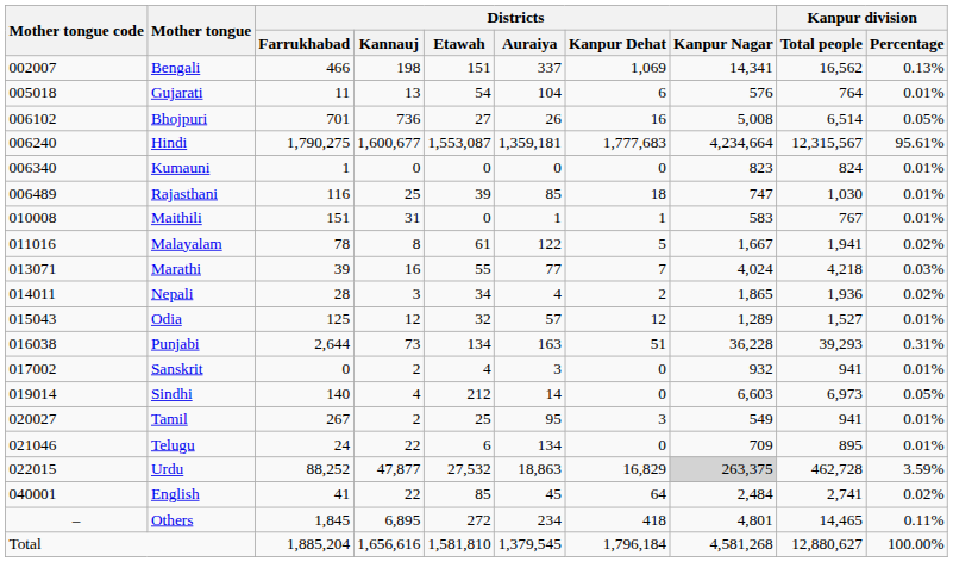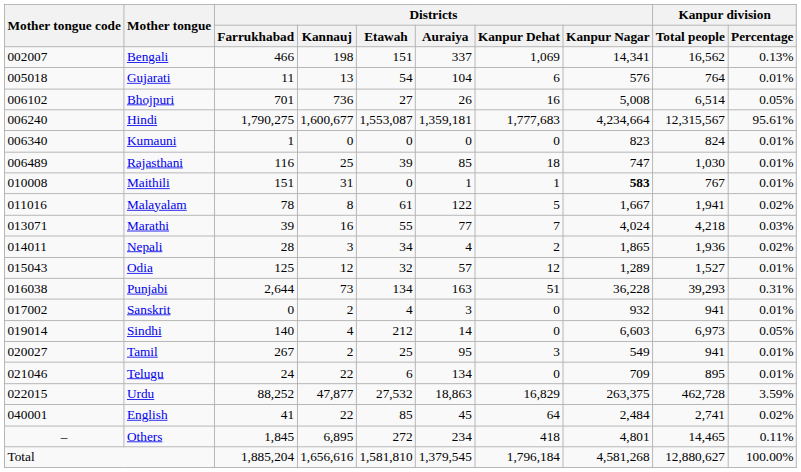 <table class="wikitable sortable" style="text-align: right">
 <tr>
 <th rowspan=2>Mother tongue code</th>
 <th rowspan=2>Mother tongue</th>
 <th colspan=6>Districts</th>
 <th colspan=2>Kanpur division</th>
 </tr>
 <tr>
 <th>Farrukhabad</th>
 <th>Kannauj</th>
 <th>Etawah</th>
 <th>Auraiya</th>
 <th>Kanpur Dehat</th>
 <th>Kanpur Nagar</th>
 <th>Total people</th>
 <th>Percentage</th>
 </tr>
 <tr>
 <td style="text-align: left">002007</td>
 <td style="text-align: left"><a href='#'>Bengali</a></td>
 <td>466</td>
 <td>198</td>
 <td>151</td>
 <td>337</td>
 <td>1,069</td>
 <td>14,341</td>
 <td>16,562</td>
 <td>0.13%</td>
 </tr>
 <tr>
 <td style="text-align: left">005018</td>
 <td style="text-align: left"><a href='#'>Gujarati</a></td>
 <td>11</td>
 <td>13</td>
 <td>54</td>
 <td>104</td>
 <td>6</td>
 <td>576</td>
 <td>764</td>
 <td>0.01%</td>
 </tr>
 <tr>
 <td style="text-align: left">006102</td>
 <td style="text-align: left"><a href='#'>Bhojpuri</a></td>
 <td>701</td>
 <td>736</td>
 <td>27</td>
 <td>26</td>
 <td>16</td>
 <td>5,008</td>
 <td>6,514</td>
 <td>0.05%</td>
 </tr>
 <tr>
 <td style="text-align: left">006240</td>
 <td style="text-align: left"><a href='#'>Hindi</a></td>
 <td>1,790,275</td>
 <td>1,600,677</td>
 <td>1,553,087</td>
 <td>1,359,181</td>
 <td>1,777,683</td>
 <td>4,234,664</td>
 <td>12,315,567</td>
 <td>95.61%</td>
 </tr>
 <tr>
 <td style="text-align: left">006340</td>
 <td style="text-align: left"><a href='#'>Kumauni</a></td>
 <td>1</td>
 <td>0</td>
 <td>0</td>
 <td>0</td>
 <td>0</td>
 <td>823</td>
 <td>824</td>
 <td>0.01%</td>
 </tr>
 <tr>
 <td style="text-align: left">006489</td>
 <td style="text-align: left"><a href='#'>Rajasthani</a></td>
 <td>116</td>
 <td>25</td>
 <td>39</td>
 <td>85</td>
 <td>18</td>
 <td>747</td>
 <td>1,030</td>
 <td>0.01%</td>
 </tr>
 <tr>
 <td style="text-align: left">010008</td>
 <td style="text-align: left"><a href='#'>Maithili</a></td>
 <td>151</td>
 <td>31</td>
 <td>0</td>
 <td>1</td>
 <td>1</td>
-<td>583</td>
+<td><strong>583</strong></td>
 <td>767</td>
 <td>0.01%</td>
 </tr>
 <tr>
 <td style="text-align: left">011016</td>
 <td style="text-align: left"><a href='#'>Malayalam</a></td>
 <td>78</td>
 <td>8</td>
 <td>61</td>
 <td>122</td>
 <td>5</td>
 <td>1,667</td>
 <td>1,941</td>
 <td>0.02%</td>
 </tr>
 <tr>
 <td style="text-align: left">013071</td>
 <td style="text-align: left"><a href='#'>Marathi</a></td>
 <td>39</td>
 <td>16</td>
 <td>55</td>
 <td>77</td>
 <td>7</td>
 <td>4,024</td>
 <td>4,218</td>
 <td>0.03%</td>
 </tr>
 <tr>
 <td style="text-align: left">014011</td>
 <td style="text-align: left"><a href='#'>Nepali</a></td>
 <td>28</td>
 <td>3</td>
 <td>34</td>
 <td>4</td>
 <td>2</td>
 <td>1,865</td>
 <td>1,936</td>
 <td>0.02%</td>
 </tr>
 <tr>
 <td style="text-align: left">015043</td>
 <td style="text-align: left"><a href='#'>Odia</a></td>
 <td>125</td>
 <td>12</td>
 <td>32</td>
 <td>57</td>
 <td>12</td>
 <td>1,289</td>
 <td>1,527</td>
 <td>0.01%</td>
 </tr>
 <tr>
 <td style="text-align: left">016038</td>
 <td style="text-align: left"><a href='#'>Punjabi</a></td>
 <td>2,644</td>
 <td>73</td>
 <td>134</td>
 <td>163</td>
 <td>51</td>
 <td>36,228</td>
 <td>39,293</td>
 <td>0.31%</td>
 </tr>
 <tr>
 <td style="text-align: left">017002</td>
 <td style="text-align: left"><a href='#'>Sanskrit</a></td>
 <td>0</td>
 <td>2</td>
 <td>4</td>
 <td>3</td>
 <td>0</td>
 <td>932</td>
 <td>941</td>
 <td>0.01%</td>
 </tr>
 <tr>
 <td style="text-align: left">019014</td>
 <td style="text-align: left"><a href='#'>Sindhi</a></td>
 <td>140</td>
 <td>4</td>
 <td>212</td>
 <td>14</td>
 <td>0</td>
 <td>6,603</td>
 <td>6,973</td>
 <td>0.05%</td>
 </tr>
 <tr>
 <td style="text-align: left">020027</td>
 <td style="text-align: left"><a href='#'>Tamil</a></td>
 <td>267</td>
 <td>2</td>
 <td>25</td>
 <td>95</td>
 <td>3</td>
 <td>549</td>
 <td>941</td>
 <td>0.01%</td>
 </tr>
 <tr>
 <td style="text-align: left">021046</td>
 <td style="text-align: left"><a href='#'>Telugu</a></td>
 <td>24</td>
 <td>22</td>
 <td>6</td>
 <td>134</td>
 <td>0</td>
 <td>709</td>
 <td>895</td>
 <td>0.01%</td>
 </tr>
 <tr>
 <td style="text-align: left">022015</td>
 <td style="text-align: left"><a href='#'>Urdu</a></td>
 <td>88,252</td>
 <td>47,877</td>
 <td>27,532</td>
 <td>18,863</td>
 <td>16,829</td>
-<td style="background: lightgrey;">263,375</td>
+<td>263,375</td>
 <td>462,728</td>
 <td>3.59%</td>
 </tr>
 <tr>
 <td style="text-align: left">040001</td>
 <td style="text-align: left"><a href='#'>English</a></td>
 <td>41</td>
 <td>22</td>
 <td>85</td>
 <td>45</td>
 <td>64</td>
 <td>2,484</td>
 <td>2,741</td>
 <td>0.02%</td>
 </tr>
 <tr>
 <td style="text-align:center;">–</td>
 <td style="text-align: left"><a href='#'>Others</a></td>
 <td>1,845</td>
 <td>6,895</td>
 <td>272</td>
 <td>234</td>
 <td>418</td>
 <td>4,801</td>
 <td>14,465</td>
 <td>0.11%</td>
 </tr>
 <tr class="sortbottom">
 <td colspan=2 style="text-align: left">Total</td>
 <td>1,885,204</td>
 <td>1,656,616</td>
 <td>1,581,810</td>
 <td>1,379,545</td>
 <td>1,796,184</td>
 <td>4,581,268</td>
 <td>12,880,627</td>
 <td>100.00%</td>
 </tr>
 </table>
